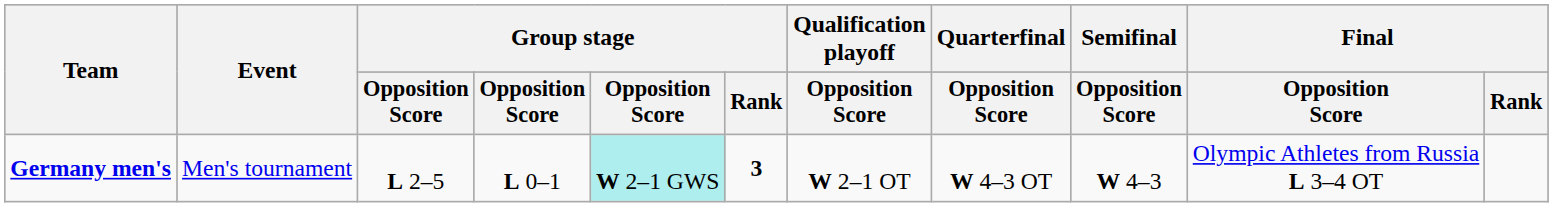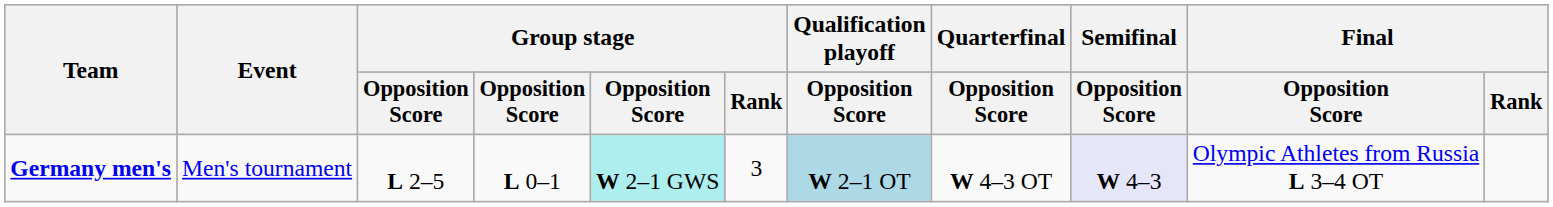 <table class="wikitable" style="font-size:90%">
 <tr>
 <th rowspan=2>Team</th>
 <th rowspan=2>Event</th>
 <th colspan=4>Group stage</th>
 <th>Qualification<br>playoff</th>
 <th>Quarterfinal</th>
 <th>Semifinal</th>
 <th colspan=2>Final</th>
 </tr>
 <tr style="font-size:95%">
 <th>Opposition<br>Score</th>
 <th>Opposition<br>Score</th>
 <th>Opposition<br>Score</th>
 <th>Rank</th>
 <th>Opposition<br>Score</th>
 <th>Opposition<br>Score</th>
 <th>Opposition<br>Score</th>
 <th>Opposition<br>Score</th>
 <th>Rank</th>
 </tr>
 <tr align=center>
 <td align=left><strong><a href='#'>Germany men's</a></strong></td>
 <td align=left><a href='#'>Men's tournament</a></td>
 <td><br><strong>L</strong> 2–5</td>
 <td><br><strong>L</strong> 0–1</td>
 <td style="background: paleturquoise;"><br><strong>W</strong> 2–1 GWS</td>
-<td><strong>3</strong></td>
-<td><br><strong>W</strong> 2–1 OT</td>
+<td>3</td>
+<td style="background: lightblue;"><br><strong>W</strong> 2–1 OT</td>
 <td><br><strong>W</strong> 4–3 OT</td>
-<td><br><strong>W</strong> 4–3</td>
+<td style="background: lavender;"><br><strong>W</strong> 4–3</td>
 <td> <a href='#'>Olympic Athletes from Russia</a><br><strong>L</strong> 3–4 OT</td>
 <td></td>
 </tr>
 </table>
